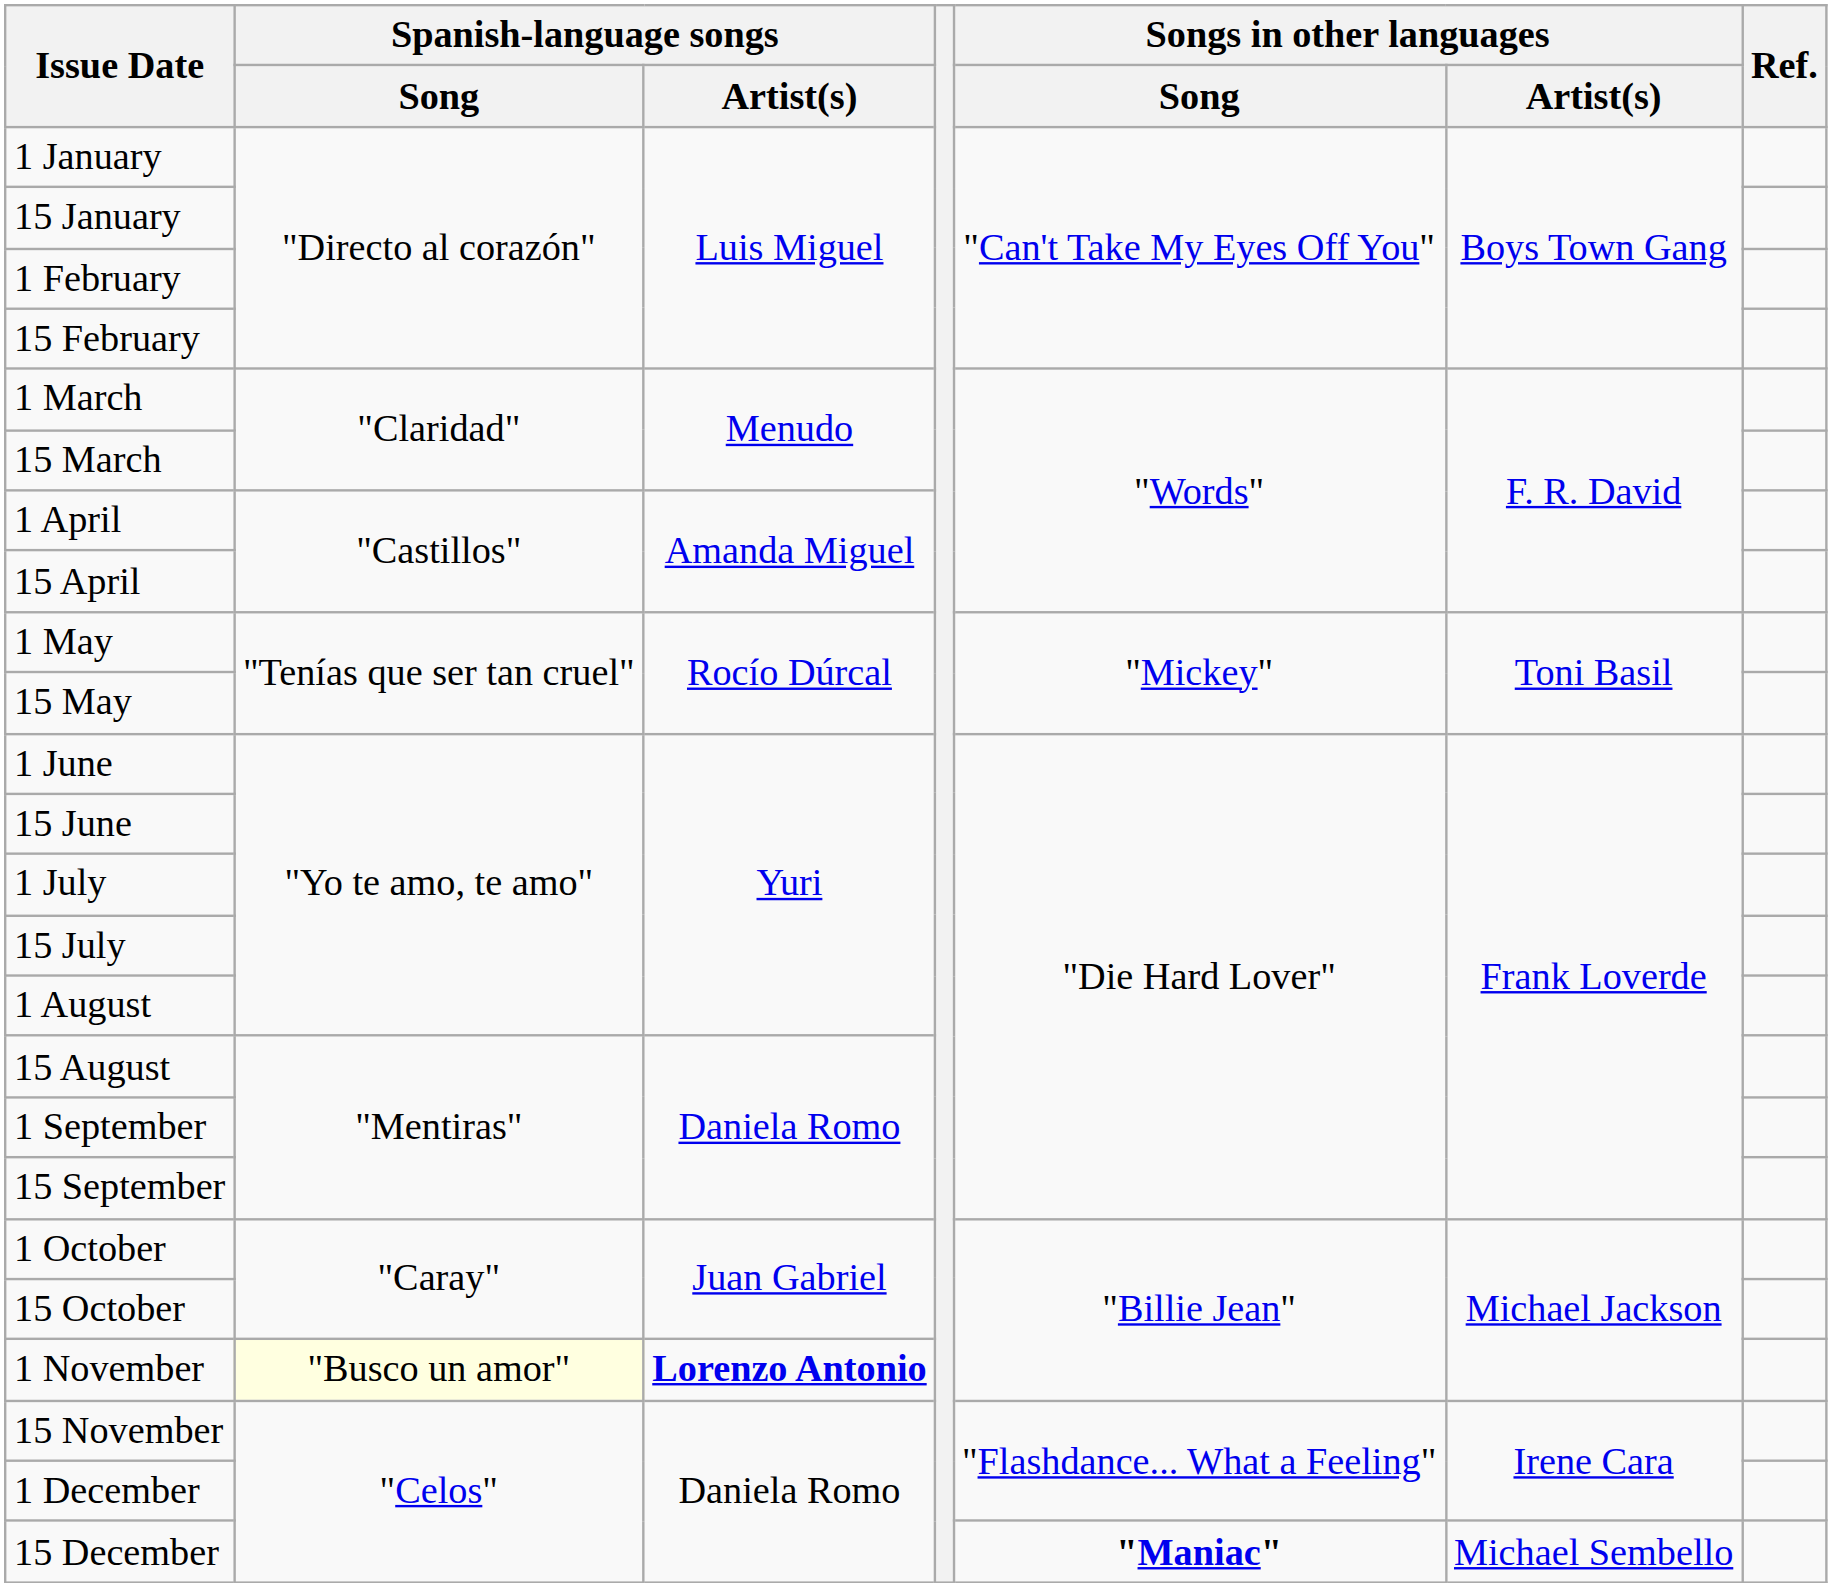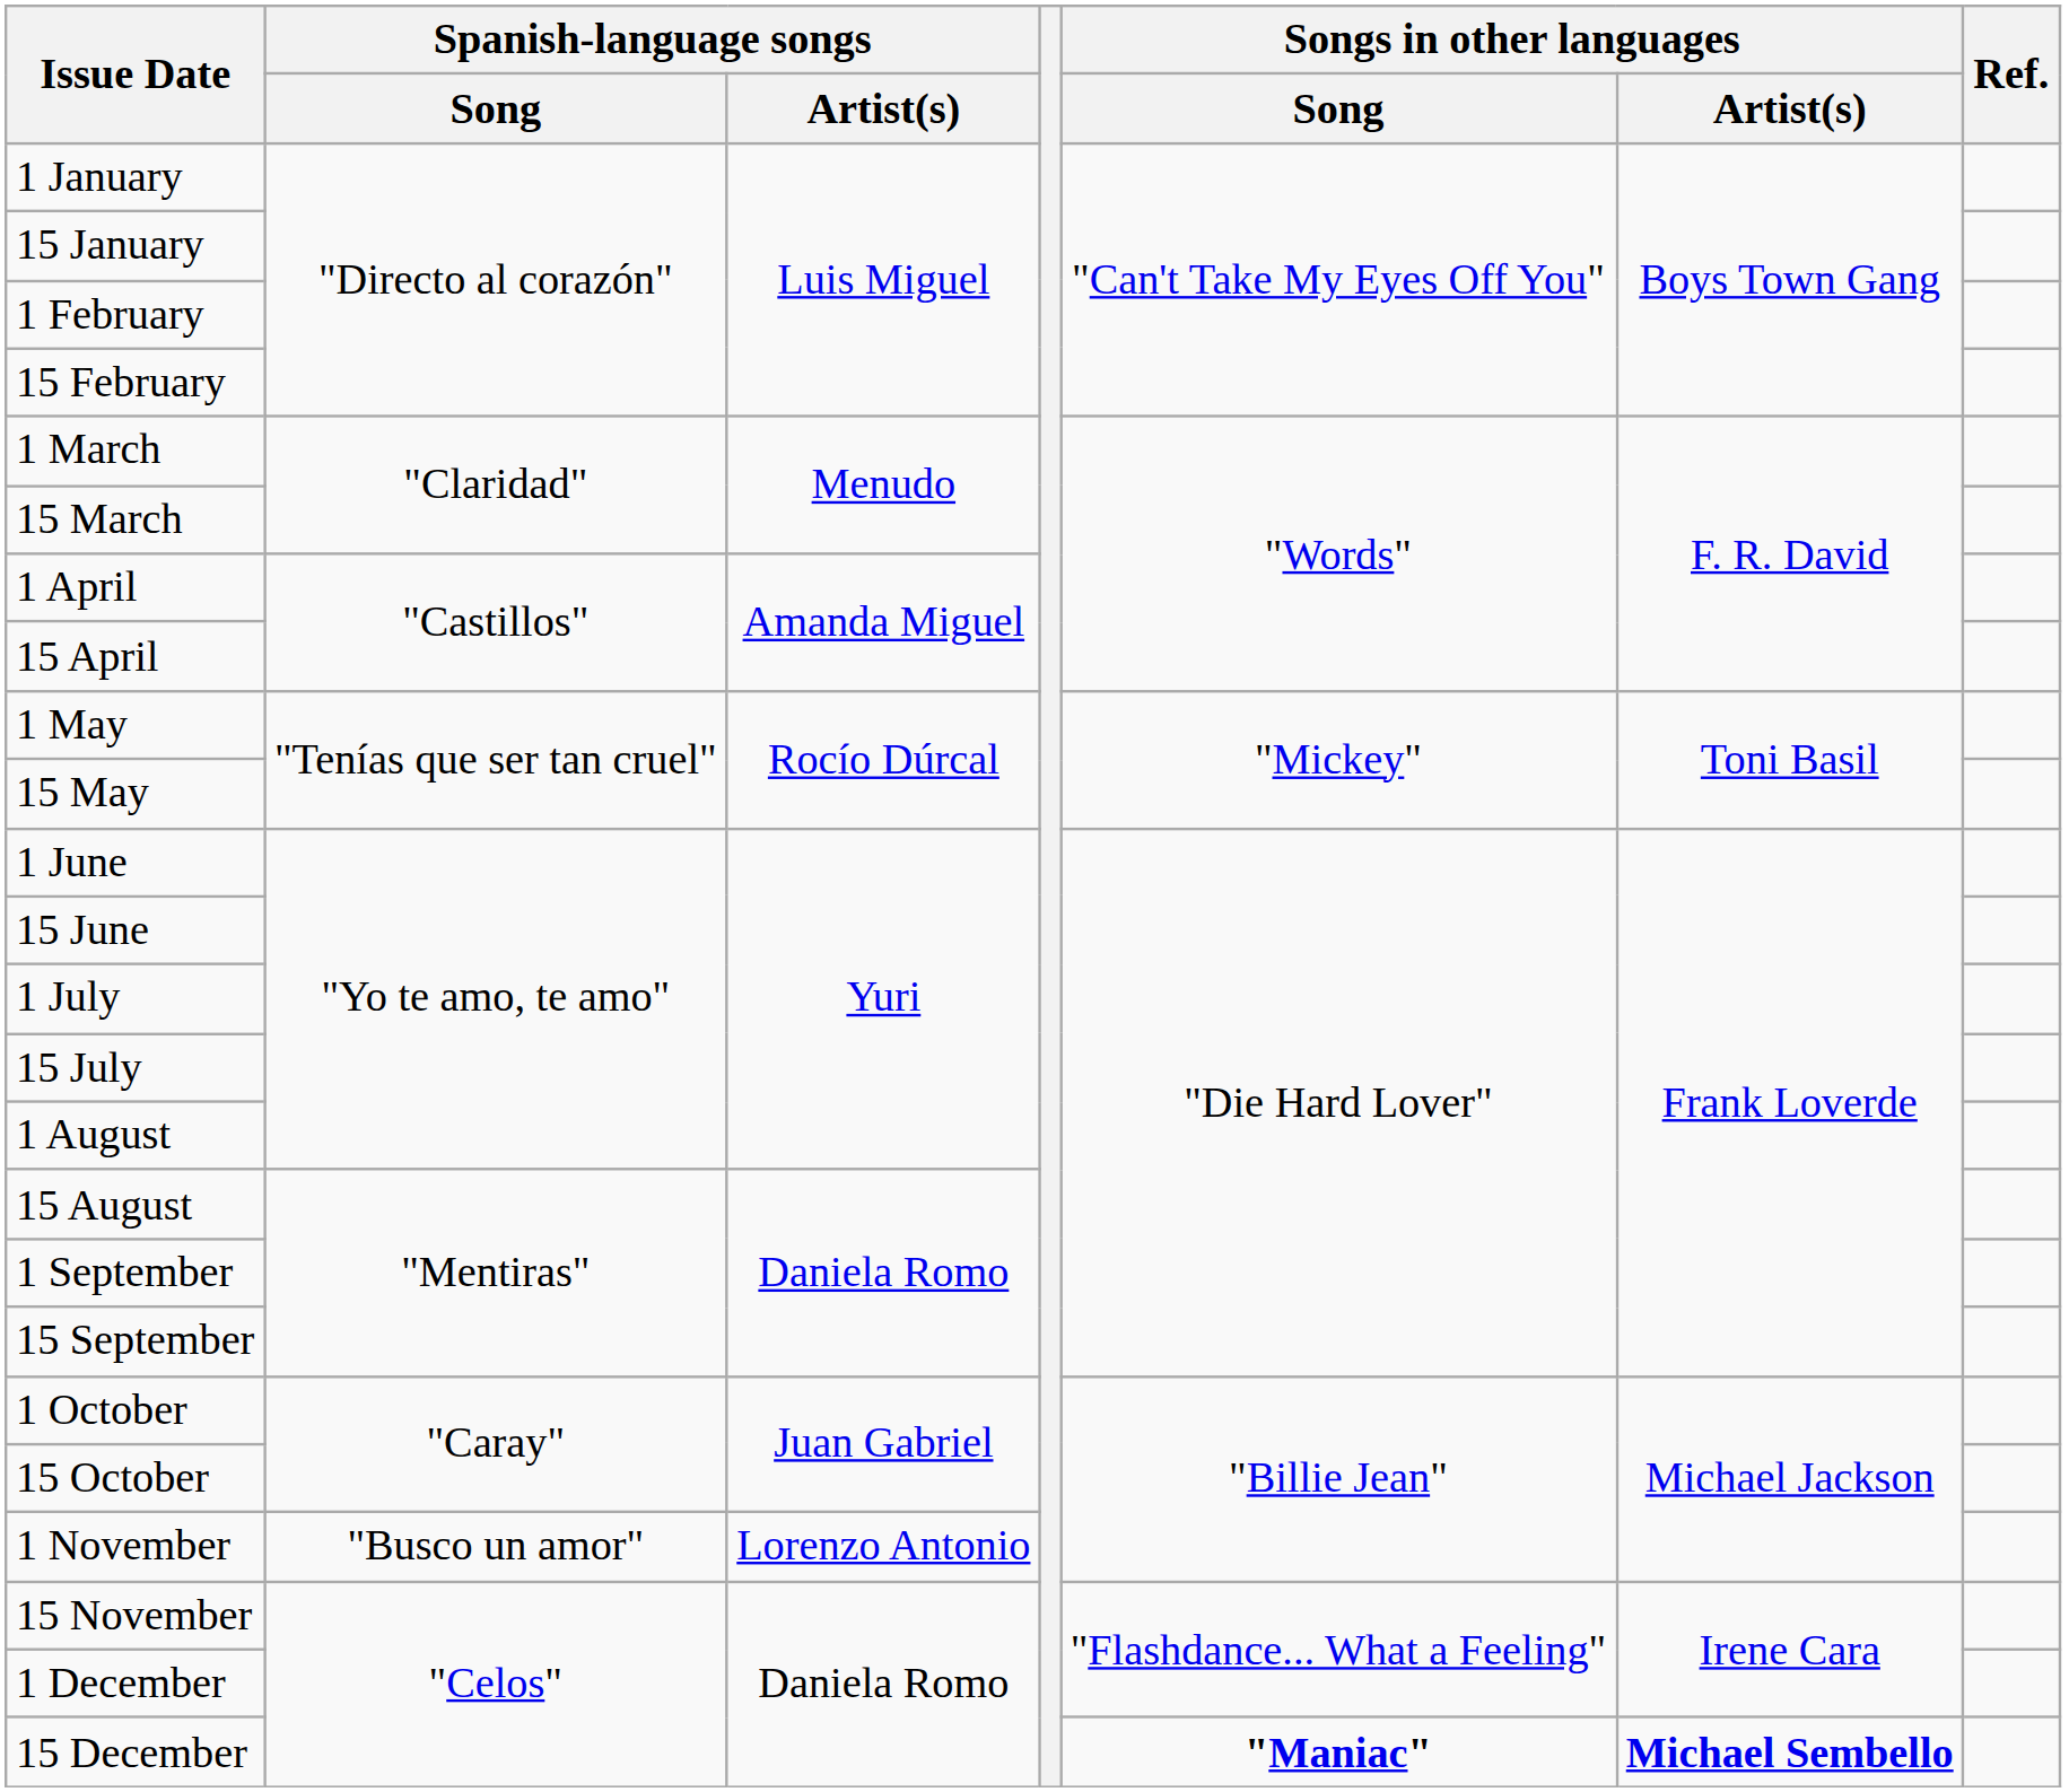 <table class="wikitable">
 <tr>
 <th style="text-align: center;" rowspan="2">Issue Date</th>
 <th style="text-align: center;" colspan="2">Spanish-language songs</th>
 <th style="text-align: center;" colspan="1" rowspan="26"></th>
 <th style="text-align: center;" colspan="2">Songs in other languages</th>
 <th style="text-align: center;" rowspan="2">Ref.</th>
 </tr>
 <tr>
 <th>Song</th>
 <th>Artist(s)</th>
 <th>Song</th>
 <th>Artist(s)</th>
 </tr>
 <tr>
 <td>1 January</td>
 <td align="center" rowspan="4">"Directo al corazón"</td>
 <td align="center" rowspan="4"><a href='#'>Luis Miguel</a></td>
 <td align="center" rowspan="4">"<a href='#'>Can't Take My Eyes Off You</a>"</td>
 <td align="center" rowspan="4"><a href='#'>Boys Town Gang</a></td>
 <td align="center" rowspan="1"></td>
 </tr>
 <tr>
 <td>15 January</td>
 <td align="center" rowspan="1"></td>
 </tr>
 <tr>
 <td>1 February</td>
 <td align="center" rowspan="1"></td>
 </tr>
 <tr>
 <td>15 February</td>
 <td align="center" rowspan="1"></td>
 </tr>
 <tr>
 <td>1 March</td>
 <td align="center" rowspan="2">"Claridad"</td>
 <td align="center" rowspan="2"><a href='#'>Menudo</a></td>
 <td align="center" rowspan="4">"<a href='#'>Words</a>"</td>
 <td align="center" rowspan="4"><a href='#'>F. R. David</a></td>
 <td align="center" rowspan="1"></td>
 </tr>
 <tr>
 <td>15 March</td>
 <td align="center" rowspan="1"></td>
 </tr>
 <tr>
 <td>1 April</td>
 <td align="center" rowspan="2">"Castillos"</td>
 <td align="center" rowspan="2"><a href='#'>Amanda Miguel</a></td>
 <td align="center" rowspan="1"></td>
 </tr>
 <tr>
 <td>15 April</td>
 <td align="center" rowspan="1"></td>
 </tr>
 <tr>
 <td>1 May</td>
 <td align="center" rowspan="2">"Tenías que ser tan cruel"</td>
 <td align="center" rowspan="2"><a href='#'>Rocío Dúrcal</a></td>
 <td align="center" rowspan="2">"<a href='#'>Mickey</a>"</td>
 <td align="center" rowspan="2"><a href='#'>Toni Basil</a></td>
 <td align="center" rowspan="1"></td>
 </tr>
 <tr>
 <td>15 May</td>
 <td align="center" rowspan="1"></td>
 </tr>
 <tr>
 <td>1 June</td>
 <td align="center" rowspan="5">"Yo te amo, te amo"</td>
 <td align="center" rowspan="5"><a href='#'>Yuri</a></td>
 <td align="center" rowspan="8">"Die Hard Lover"</td>
 <td align="center" rowspan="8"><a href='#'>Frank Loverde</a></td>
 <td align="center" rowspan="1"></td>
 </tr>
 <tr>
 <td>15 June</td>
 <td align="center" rowspan="1"></td>
 </tr>
 <tr>
 <td>1 July</td>
 <td align="center" rowspan="1"></td>
 </tr>
 <tr>
 <td>15 July</td>
 <td align="center" rowspan="1"></td>
 </tr>
 <tr>
 <td>1 August</td>
 <td align="center" rowspan="1"></td>
 </tr>
 <tr>
 <td>15 August</td>
 <td align="center" rowspan="3">"Mentiras"</td>
 <td align="center" rowspan="3"><a href='#'>Daniela Romo</a></td>
 <td align="center" rowspan="1"></td>
 </tr>
 <tr>
 <td>1 September</td>
 <td align="center" rowspan="1"></td>
 </tr>
 <tr>
 <td>15 September</td>
 <td align="center" rowspan="1"></td>
 </tr>
 <tr>
 <td>1 October</td>
 <td align="center" rowspan="2">"Caray"</td>
 <td align="center" rowspan="2"><a href='#'>Juan Gabriel</a></td>
 <td align="center" rowspan="3">"<a href='#'>Billie Jean</a>"</td>
 <td align="center" rowspan="3"><a href='#'>Michael Jackson</a></td>
 <td align="center" rowspan="1"></td>
 </tr>
 <tr>
 <td>15 October</td>
 <td align="center" rowspan="1"></td>
 </tr>
 <tr>
 <td>1 November</td>
-<td align="center" rowspan="1" style="background: lightyellow;">"Busco un amor"</td>
-<td align="center" rowspan="1"><strong><a href='#'>Lorenzo Antonio</a></strong></td>
+<td align="center" rowspan="1">"Busco un amor"</td>
+<td align="center" rowspan="1"><a href='#'>Lorenzo Antonio</a></td>
 <td align="center" rowspan="1"></td>
 </tr>
 <tr>
 <td>15 November</td>
 <td align="center" rowspan="3">"<a href='#'>Celos</a>"</td>
 <td align="center" rowspan="3">Daniela Romo</td>
 <td align="center" rowspan="2">"<a href='#'>Flashdance... What a Feeling</a>"</td>
 <td align="center" rowspan="2"><a href='#'>Irene Cara</a></td>
 <td align="center" rowspan="1"></td>
 </tr>
 <tr>
 <td>1 December</td>
 <td align="center" rowspan="1"></td>
 </tr>
 <tr>
 <td>15 December</td>
 <td align="center"><strong>"<a href='#'>Maniac</a>"</strong></td>
-<td align="center"><a href='#'>Michael Sembello</a></td>
+<td align="center"><strong><a href='#'>Michael Sembello</a></strong></td>
 <td align="center" rowspan="1"></td>
 </tr>
 </table>
